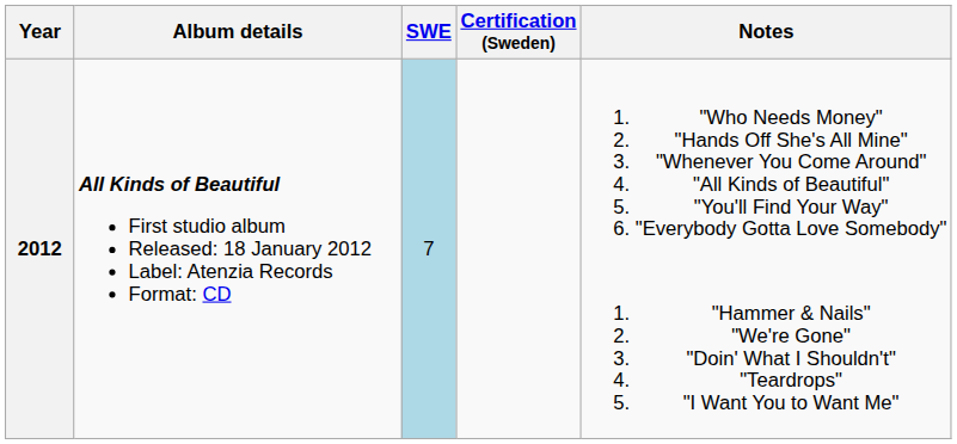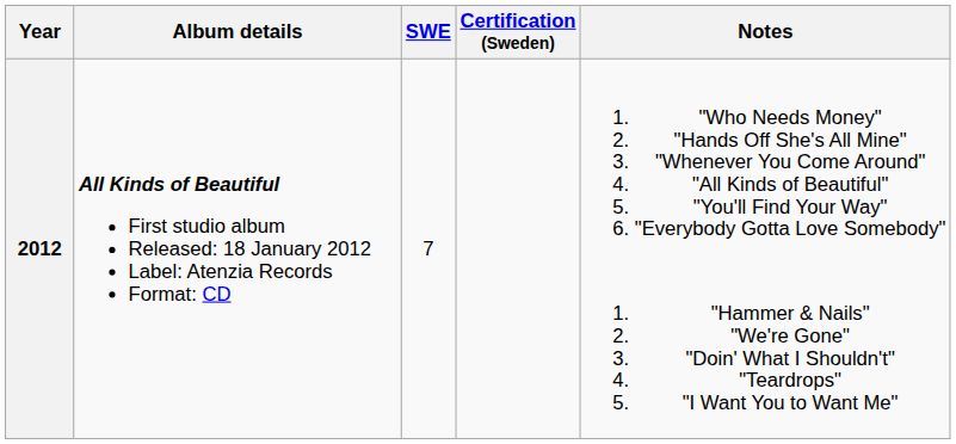 <table class="wikitable plainrowheaders" style="text-align:center;" border="1">
 <tr>
 <th style="width:3em;">Year</th>
 <th style="width:16em;">Album details</th>
 <th><a href='#'>SWE</a><br></th>
 <th><a href='#'>Certification</a><br><small>(Sweden)</small></th>
 <th>Notes</th>
 </tr>
 <tr>
 <th scope="row">2012</th>
 <td align="left"><strong><em>All Kinds of Beautiful</em></strong><br><ul><li>First studio album</li><li>Released: 18 January 2012</li><li>Label: Atenzia Records</li><li>Format: <a href='#'>CD</a></li></ul></td>
-<td style="background: lightblue;">7</td>
+<td>7</td>
 <td></td>
 <td><br> <ol><li>"Who Needs Money"</li><li>"Hands Off She's All Mine"</li><li>"Whenever You Come Around"</li><li>"All Kinds of Beautiful"</li><li>"You'll Find Your Way"</li><li>"Everybody Gotta Love Somebody"</li></ol> <br> <ol><li>"Hammer & Nails" <li>"We're Gone" <li>"Doin' What I Shouldn't" <li>"Teardrops" <li>"I Want You to Want Me"</ol> </td>
 </tr>
 </table>
